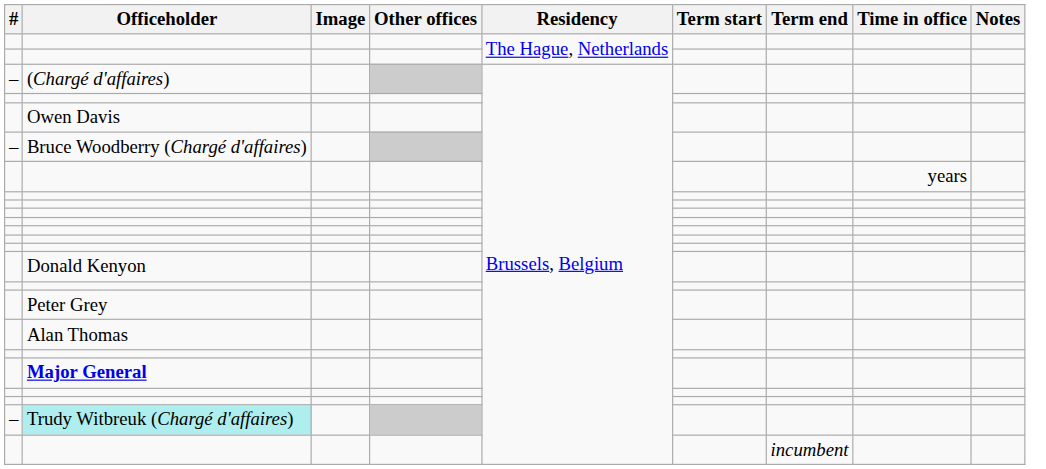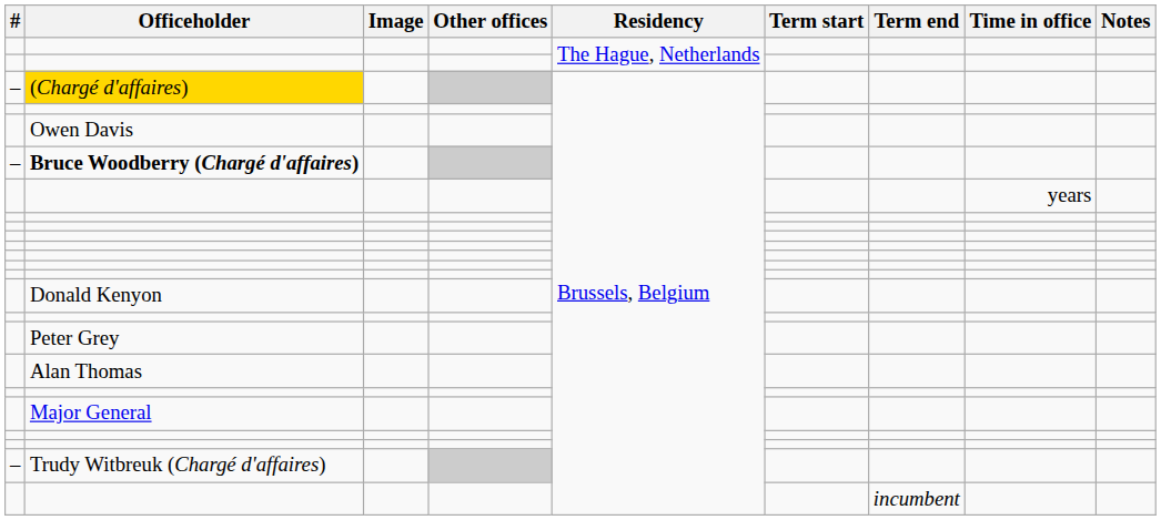 <table class='wikitable sortable'>
 <tr>
 <th>#</th>
 <th>Officeholder</th>
 <th>Image</th>
 <th>Other offices</th>
 <th>Residency</th>
 <th>Term start</th>
 <th>Term end</th>
 <th>Time in office</th>
 <th>Notes</th>
 </tr>
 <tr>
 <td align=center></td>
 <td></td>
 <td></td>
 <td></td>
 <td rowspan=2><a href='#'>The Hague</a>, <a href='#'>Netherlands</a></td>
 <td align=center></td>
 <td align=center></td>
 <td lign=right></td>
 <td></td>
 </tr>
 <tr>
 <td align=center></td>
 <td> </td>
 <td></td>
 <td></td>
 <td align=center></td>
 <td align=center></td>
 <td align=right></td>
 <td></td>
 </tr>
 <tr>
 <td align=center>–</td>
-<td> (<em>Chargé d'affaires</em>)</td>
+<td style="background: gold;"> (<em>Chargé d'affaires</em>)</td>
 <td></td>
 <th style="background: #cccccc;"></th>
 <td rowspan=22><a href='#'>Brussels</a>, <a href='#'>Belgium</a></td>
 <td align=center></td>
 <td align=center></td>
 <td align=right></td>
 <td></td>
 </tr>
 <tr>
 <td align=center></td>
 <td> </td>
 <td></td>
 <td></td>
 <td align=center></td>
 <td align=center></td>
 <td align=right></td>
 <td></td>
 </tr>
 <tr>
 <td align=center></td>
 <td>Owen Davis</td>
 <td></td>
 <td></td>
 <td align=center></td>
 <td align=center></td>
 <td align=right></td>
 <td></td>
 </tr>
 <tr>
 <td align=center>–</td>
-<td>Bruce Woodberry (<em>Chargé d'affaires</em>)</td>
+<td><strong>Bruce Woodberry (<em>Chargé d'affaires</em>)</strong></td>
 <td></td>
 <th style="background: #cccccc;"></th>
 <td align=center></td>
 <td align=center></td>
 <td align=right></td>
 <td></td>
 </tr>
 <tr>
 <td align=center></td>
 <td> </td>
 <td></td>
 <td></td>
 <td align=center></td>
 <td align=center></td>
 <td align=right> years</td>
 <td></td>
 </tr>
 <tr>
 <td align=center></td>
 <td></td>
 <td></td>
 <td></td>
 <td align=center></td>
 <td align=center></td>
 <td align=right></td>
 <td></td>
 </tr>
 <tr>
 <td align=center></td>
 <td></td>
 <td></td>
 <td></td>
 <td align=center></td>
 <td align=center></td>
 <td align=right></td>
 <td></td>
 </tr>
 <tr>
 <td align=center></td>
 <td></td>
 <td></td>
 <td></td>
 <td align=center></td>
 <td align=center></td>
 <td align=right></td>
 <td></td>
 </tr>
 <tr>
 <td align=center></td>
 <td> </td>
 <td></td>
 <td></td>
 <td align=center></td>
 <td align=center></td>
 <td align=right><strong></strong></td>
 <td></td>
 </tr>
 <tr>
 <td align=center></td>
 <td></td>
 <td></td>
 <td></td>
 <td align=center></td>
 <td align=center></td>
 <td align=right></td>
 <td></td>
 </tr>
 <tr>
 <td align=center></td>
 <td></td>
 <td></td>
 <td></td>
 <td align=center></td>
 <td align=center></td>
 <td align=right></td>
 <td></td>
 </tr>
 <tr>
 <td align=center></td>
 <td></td>
 <td></td>
 <td></td>
 <td align=center></td>
 <td align=center></td>
 <td align=right><strong></strong></td>
 <td></td>
 </tr>
 <tr>
 <td align=center></td>
 <td>Donald Kenyon</td>
 <td></td>
 <td></td>
 <td align=center></td>
 <td align=center></td>
 <td align=right></td>
 <td></td>
 </tr>
 <tr>
 <td align=center></td>
 <td></td>
 <td></td>
 <td></td>
 <td align=center></td>
 <td align=center></td>
 <td align=right></td>
 <td></td>
 </tr>
 <tr>
 <td align=center></td>
 <td>Peter Grey</td>
 <td></td>
 <td></td>
 <td align=center></td>
 <td align=center></td>
 <td align=right></td>
 <td></td>
 </tr>
 <tr>
 <td align=center></td>
 <td>Alan Thomas</td>
 <td></td>
 <td></td>
 <td align=center></td>
 <td align=center></td>
 <td align=right></td>
 <td></td>
 </tr>
 <tr>
 <td align=center></td>
 <td></td>
 <td></td>
 <td></td>
 <td align=center></td>
 <td align=center></td>
 <td align=right></td>
 <td></td>
 </tr>
 <tr>
 <td align=center></td>
-<td><strong><a href='#'>Major General</a>  </strong></td>
+<td><a href='#'>Major General</a>  </td>
 <td></td>
 <td></td>
 <td align=center></td>
 <td align=center></td>
 <td align=right></td>
 <td></td>
 </tr>
 <tr>
 <td align=center></td>
 <td></td>
 <td></td>
 <td></td>
 <td align=center></td>
 <td align=center></td>
 <td align=right></td>
 <td></td>
 </tr>
 <tr>
 <td align=center></td>
 <td> </td>
 <td></td>
 <td></td>
 <td align=center></td>
 <td align=center></td>
 <td align=right></td>
 <td></td>
 </tr>
 <tr>
 <td align=center>–</td>
-<td style="background: paleturquoise;">Trudy Witbreuk (<em>Chargé d'affaires</em>)</td>
+<td>Trudy Witbreuk (<em>Chargé d'affaires</em>)</td>
 <td></td>
 <th style="background: #cccccc;"></th>
 <td align=center></td>
 <td align=center></td>
 <td align=right></td>
 <td></td>
 </tr>
 <tr>
 <td align=center></td>
 <td></td>
 <td></td>
 <td></td>
 <td align=center></td>
 <td align=center><em>incumbent</em></td>
 <td align=right></td>
 <td></td>
 </tr>
 </table>
